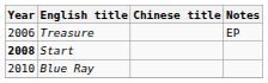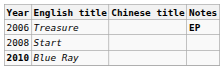 <table class="wikitable plainrowheaders">
 <tr>
 <th>Year</th>
 <th>English title</th>
 <th>Chinese title</th>
 <th>Notes</th>
 </tr>
 <tr>
 <td>2006</td>
 <td><em>Treasure</em></td>
 <td></td>
-<td>EP</td>
+<td><strong>EP</strong></td>
 </tr>
 <tr>
-<td><strong>2008</strong></td>
+<td>2008</td>
 <td><em>Start</em></td>
 <td></td>
 <td></td>
 </tr>
 <tr>
-<td>2010</td>
+<td><strong>2010</strong></td>
 <td><em>Blue Ray</em></td>
 <td></td>
 <td></td>
 </tr>
 <tr>
 </tr>
 </table>
